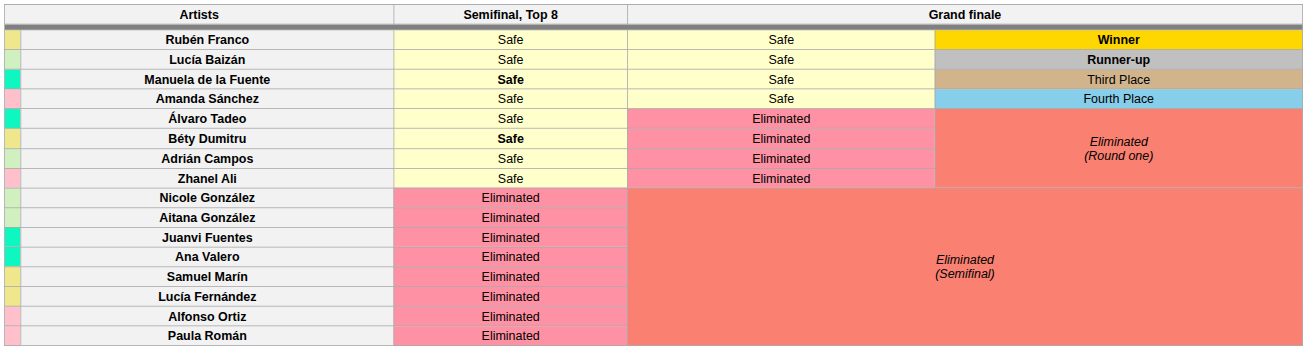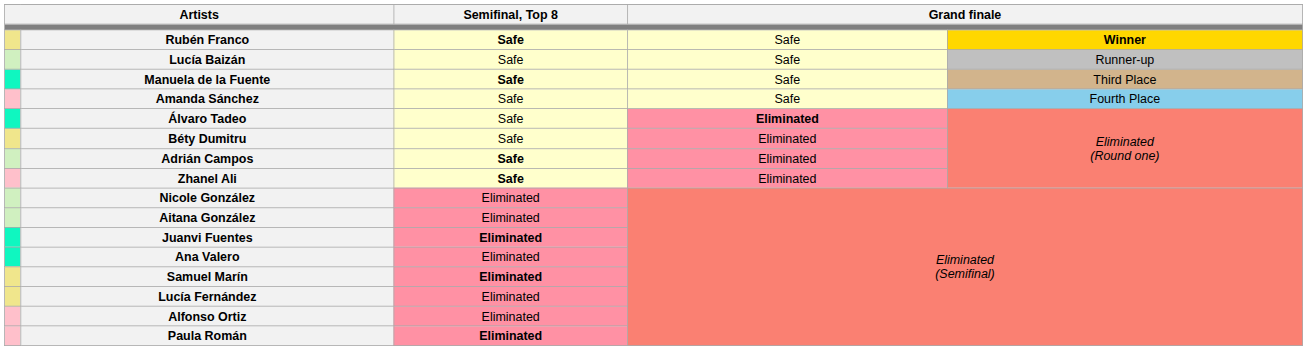 <table class="wikitable"  style="text-align:center; font-size:95%; width:100%;">
 <tr>
 </tr>
 <tr>
 <th colspan="2">Artists</th>
 <th style="width:18%;">Semifinal, Top 8</th>
 <th colspan="2" style="width:52%;">Grand finale</th>
 </tr>
 <tr>
 <th colspan="5" style="background:gray;"></th>
 </tr>
 <tr>
 <th style="background:khaki;"></th>
 <th>Rubén Franco</th>
-<td bgcolor="#FFFFCC">Safe</td>
+<td bgcolor="#FFFFCC"><strong>Safe</strong></td>
 <td bgcolor="#FFFFCC">Safe</td>
 <td style="background:gold"><strong>Winner</strong></td>
 </tr>
 <tr>
 <th style="background:#d0f0c0;"></th>
 <th>Lucía Baizán</th>
 <td bgcolor="#FFFFCC">Safe</td>
 <td bgcolor="#FFFFCC">Safe</td>
-<td style="background:silver"><strong>Runner-up</strong></td>
+<td style="background:silver">Runner-up</td>
 </tr>
 <tr>
 <th style="background:#0ff7c0;"></th>
 <th>Manuela de la Fuente</th>
 <td bgcolor="#FFFFCC"><strong>Safe</strong></td>
 <td bgcolor="#FFFFCC">Safe</td>
 <td style="background:tan">Third Place</td>
 </tr>
 <tr>
 <th style="background:pink;"></th>
 <th>Amanda Sánchez</th>
 <td bgcolor="#FFFFCC">Safe</td>
 <td bgcolor="#FFFFCC">Safe</td>
 <td style="background:skyblue">Fourth Place</td>
 </tr>
 <tr>
 <th style="background:#0ff7c0;"></th>
 <th>Álvaro Tadeo</th>
 <td bgcolor="#FFFFCC">Safe</td>
-<td style="background:#FF91A4">Eliminated</td>
+<td style="background:#FF91A4"><strong>Eliminated</strong></td>
 <td style="background:salmon" colspan="2" rowspan="4"><em>Eliminated<br>(Round one)</em></td>
 </tr>
 <tr>
 <th style="background:khaki;"></th>
 <th>Béty Dumitru</th>
-<td bgcolor="#FFFFCC"><strong>Safe</strong></td>
+<td bgcolor="#FFFFCC">Safe</td>
 <td style="background:#FF91A4">Eliminated</td>
 </tr>
 <tr>
 <th style="background:#d0f0c0;"></th>
 <th>Adrián Campos</th>
-<td bgcolor="#FFFFCC">Safe</td>
+<td bgcolor="#FFFFCC"><strong>Safe</strong></td>
 <td style="background:#FF91A4">Eliminated</td>
 </tr>
 <tr>
 <th style="background:pink;"></th>
 <th>Zhanel Ali</th>
-<td bgcolor="#FFFFCC">Safe</td>
+<td bgcolor="#FFFFCC"><strong>Safe</strong></td>
 <td style="background:#FF91A4">Eliminated</td>
 </tr>
 <tr>
 <th style="background:#d0f0c0;"></th>
 <th>Nicole González</th>
 <td style="background:#FF91A4;">Eliminated</td>
 <td bgcolor="salmon" colspan="2" rowspan="8"><em>Eliminated<br>(Semifinal)</em></td>
 </tr>
 <tr>
 <th style="background:#d0f0c0;"></th>
 <th>Aitana González</th>
 <td style="background:#FF91A4;">Eliminated</td>
 </tr>
 <tr>
 <th style="background:#0ff7c0;"></th>
 <th>Juanvi Fuentes</th>
-<td style="background:#FF91A4;">Eliminated</td>
+<td style="background:#FF91A4;"><strong>Eliminated</strong></td>
 </tr>
 <tr>
 <th style="background:#0ff7c0;"></th>
 <th>Ana Valero</th>
 <td style="background:#FF91A4;">Eliminated</td>
 </tr>
 <tr>
 <th style="background:khaki;"></th>
 <th>Samuel Marín</th>
-<td style="background:#FF91A4;">Eliminated</td>
+<td style="background:#FF91A4;"><strong>Eliminated</strong></td>
 </tr>
 <tr>
 <th style="background:khaki;"></th>
 <th>Lucía Fernández</th>
 <td style="background:#FF91A4;">Eliminated</td>
 </tr>
 <tr>
 <th style="background:pink;"></th>
 <th>Alfonso Ortiz</th>
 <td style="background:#FF91A4;">Eliminated</td>
 </tr>
 <tr>
 <th style="background:pink;"></th>
 <th>Paula Román</th>
-<td style="background:#FF91A4;">Eliminated</td>
+<td style="background:#FF91A4;"><strong>Eliminated</strong></td>
 </tr>
 </table>
